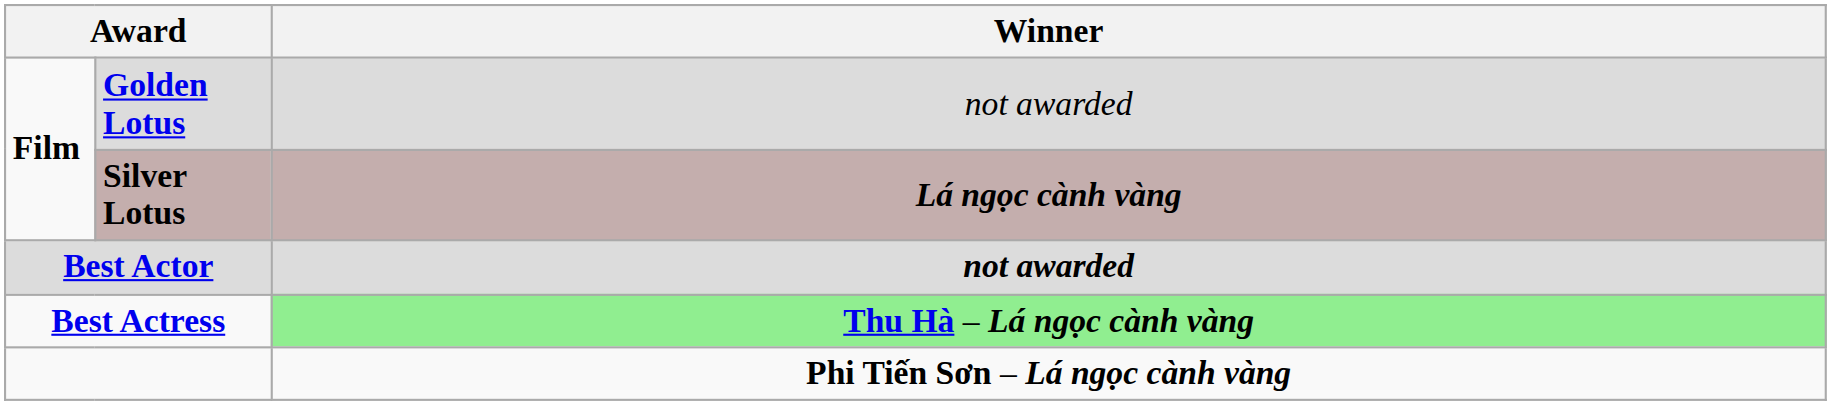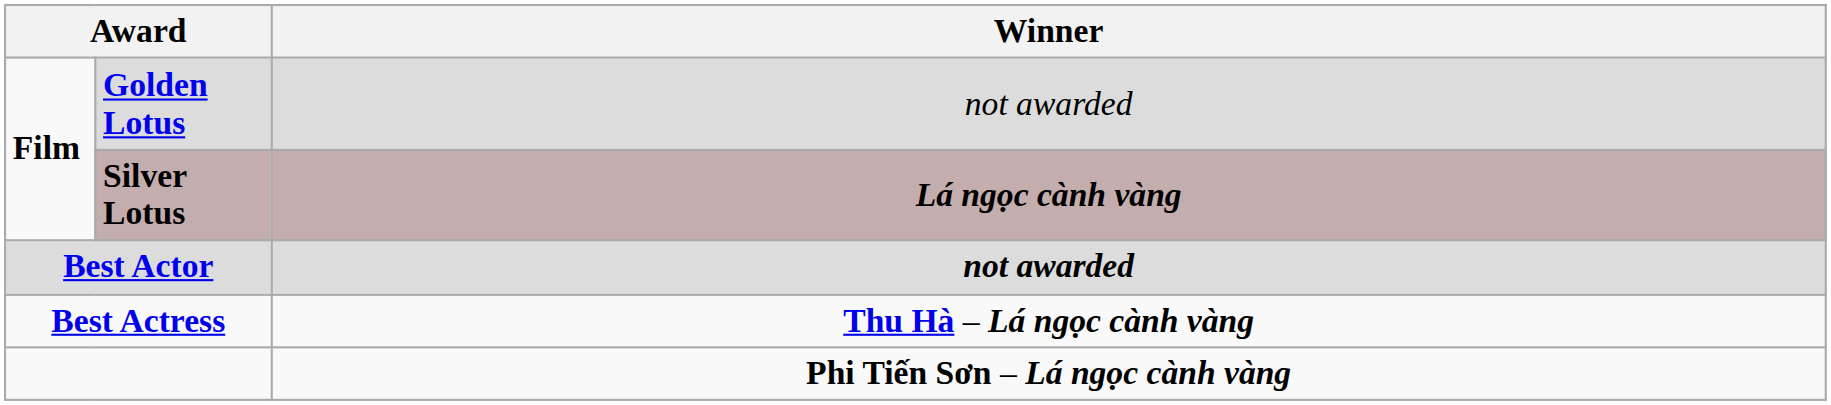 <table class=wikitable>
 <tr>
 <th width="12%" colspan="2">Award</th>
 <th width="76%">Winner</th>
 </tr>
 <tr>
 <td rowspan="2"><strong>Film</strong></td>
 <td style="background:#DCDCDC"><strong><a href='#'>Golden Lotus</a></strong></td>
 <td style="background:#DCDCDC" align=center><em>not awarded</em></td>
 </tr>
 <tr>
 <td style="background:#C4AEAD"><strong>Silver Lotus</strong></td>
 <td style="background:#C4AEAD" align=center><strong><em>Lá ngọc cành vàng</em></strong></td>
 </tr>
 <tr>
 <td colspan="2" align=center style="background:#DCDCDC"><strong><a href='#'>Best Actor</a></strong></td>
 <td align=center style="background:#DCDCDC"><strong><em>not awarded</em></strong></td>
 </tr>
 <tr>
 <td colspan="2" align=center><strong><a href='#'>Best Actress</a></strong></td>
-<td align=center style="background: lightgreen;"><strong><a href='#'>Thu Hà</a></strong> – <strong><em>Lá ngọc cành vàng</em></strong></td>
+<td align=center><strong><a href='#'>Thu Hà</a></strong> – <strong><em>Lá ngọc cành vàng</em></strong></td>
 </tr>
 <tr>
 <td colspan="2" align=center><strong></strong></td>
 <td align=center><strong>Phi Tiến Sơn</strong> – <strong><em>Lá ngọc cành vàng</em></strong></td>
 </tr>
 </table>
